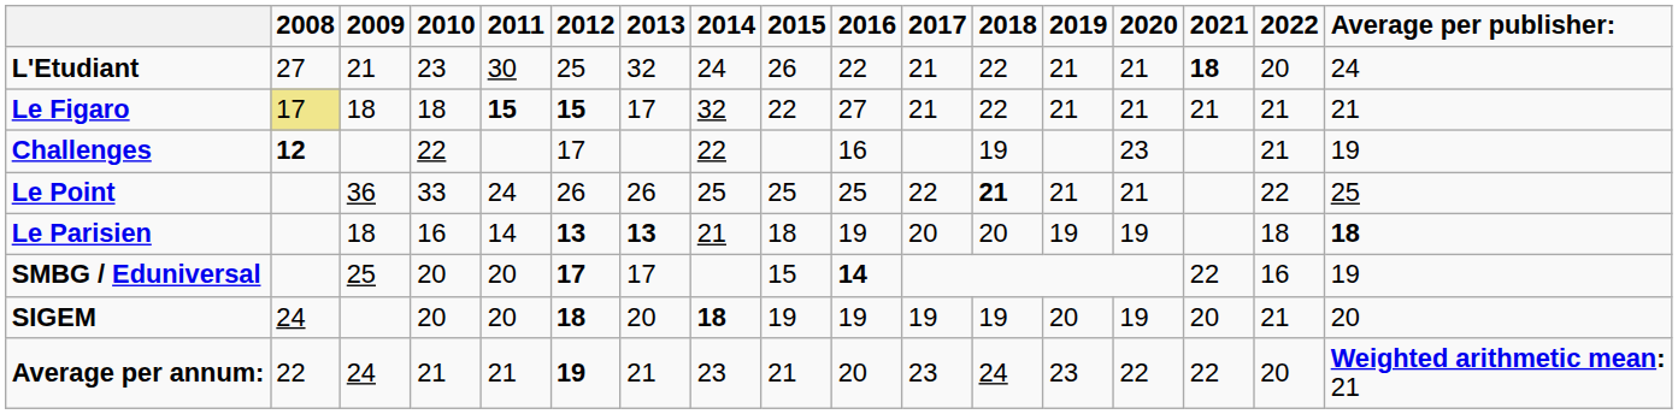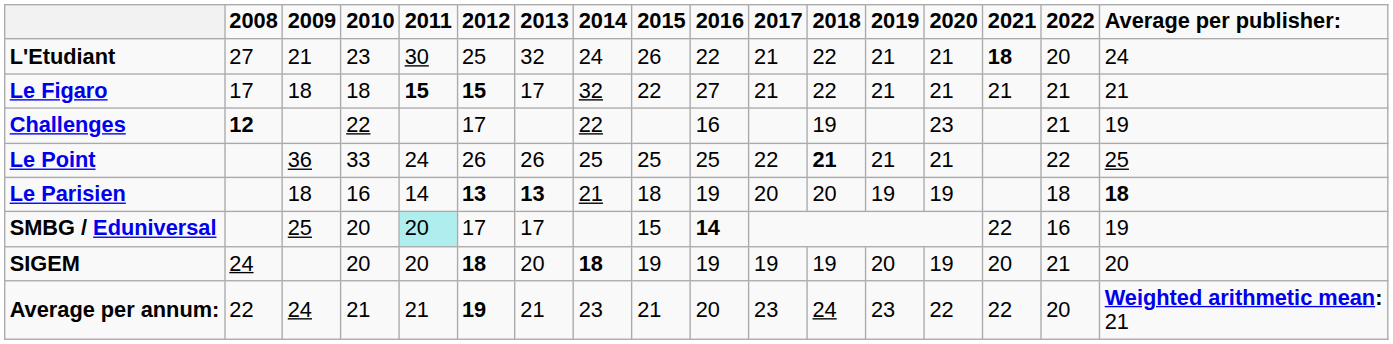 <table class="wikitable">
 <tr>
 <th></th>
 <td><strong>2008</strong></td>
 <td><strong>2009</strong></td>
 <td><strong>2010</strong></td>
 <td><strong>2011</strong></td>
 <td><strong>2012</strong></td>
 <td><strong>2013</strong></td>
 <td><strong>2014</strong></td>
 <td><strong>2015</strong></td>
 <td><strong>2016</strong></td>
 <td><strong>2017</strong></td>
 <td><strong>2018</strong></td>
 <td><strong>2019</strong></td>
 <td><strong>2020</strong></td>
 <td><strong>2021</strong></td>
 <td><strong>2022</strong></td>
 <td><strong>Average per publisher:</strong></td>
 </tr>
 <tr>
 <td><strong>L'Etudiant</strong></td>
 <td>27</td>
 <td>21</td>
 <td>23</td>
 <td><u>30</u></td>
 <td>25</td>
 <td>32</td>
 <td>24</td>
 <td>26</td>
 <td>22</td>
 <td>21</td>
 <td>22</td>
 <td>21</td>
 <td>21</td>
 <td><strong>18</strong></td>
 <td>20</td>
 <td>24</td>
 </tr>
 <tr>
 <td><strong><a href='#'>Le Figaro</a></strong></td>
-<td style="background: khaki;">17</td>
+<td>17</td>
 <td>18</td>
 <td>18</td>
 <td><strong>15</strong></td>
 <td><strong>15</strong></td>
 <td>17</td>
 <td><u>32</u></td>
 <td>22</td>
 <td>27</td>
 <td>21</td>
 <td>22</td>
 <td>21</td>
 <td>21</td>
 <td>21</td>
 <td>21</td>
 <td>21</td>
 </tr>
 <tr>
 <td><strong><a href='#'>Challenges</a></strong></td>
 <td><strong>12</strong></td>
 <td></td>
 <td><u>22</u></td>
 <td></td>
 <td>17</td>
 <td></td>
 <td><u>22</u></td>
 <td></td>
 <td>16</td>
 <td></td>
 <td>19</td>
 <td></td>
 <td>23</td>
 <td></td>
 <td>21</td>
 <td>19</td>
 </tr>
 <tr>
 <td><strong><a href='#'>Le Point</a></strong></td>
 <td></td>
 <td><u>36</u></td>
 <td>33</td>
 <td>24</td>
 <td>26</td>
 <td>26</td>
 <td>25</td>
 <td>25</td>
 <td>25</td>
 <td>22</td>
 <td><strong>21</strong></td>
 <td>21</td>
 <td>21</td>
 <td></td>
 <td>22</td>
 <td><u>25</u></td>
 </tr>
 <tr>
 <td><strong><a href='#'>Le Parisien</a></strong></td>
 <td></td>
 <td>18</td>
 <td>16</td>
 <td>14</td>
 <td><strong>13</strong></td>
 <td><strong>13</strong></td>
 <td><u>21</u></td>
 <td>18</td>
 <td>19</td>
 <td>20</td>
 <td>20</td>
 <td>19</td>
 <td>19</td>
 <td></td>
 <td>18</td>
 <td><strong>18</strong></td>
 </tr>
 <tr>
 <td><strong>SMBG / <a href='#'>Eduniversal</a></strong></td>
 <td></td>
 <td><u>25</u></td>
 <td>20</td>
-<td>20</td>
-<td><strong>17</strong></td>
+<td style="background: paleturquoise;">20</td>
+<td>17</td>
 <td>17</td>
 <td></td>
 <td>15</td>
 <td><strong>14</strong></td>
 <td colspan="4"></td>
 <td>22</td>
 <td>16</td>
 <td>19</td>
 </tr>
 <tr>
 <td><strong>SIGEM</strong></td>
 <td><u>24</u></td>
 <td></td>
 <td>20</td>
 <td>20</td>
 <td><strong>18</strong></td>
 <td>20</td>
 <td><strong>18</strong></td>
 <td>19</td>
 <td>19</td>
 <td>19</td>
 <td>19</td>
 <td>20</td>
 <td>19</td>
 <td>20</td>
 <td>21</td>
 <td>20</td>
 </tr>
 <tr>
 <td><strong>Average per annum:</strong></td>
 <td>22</td>
 <td><u>24</u></td>
 <td>21</td>
 <td>21</td>
 <td><strong>19</strong></td>
 <td>21</td>
 <td>23</td>
 <td>21</td>
 <td>20</td>
 <td>23</td>
 <td><u>24</u></td>
 <td>23</td>
 <td>22</td>
 <td>22</td>
 <td>20</td>
 <td><strong><a href='#'>Weighted arithmetic mean</a>:</strong><br>21</td>
 </tr>
 </table>
